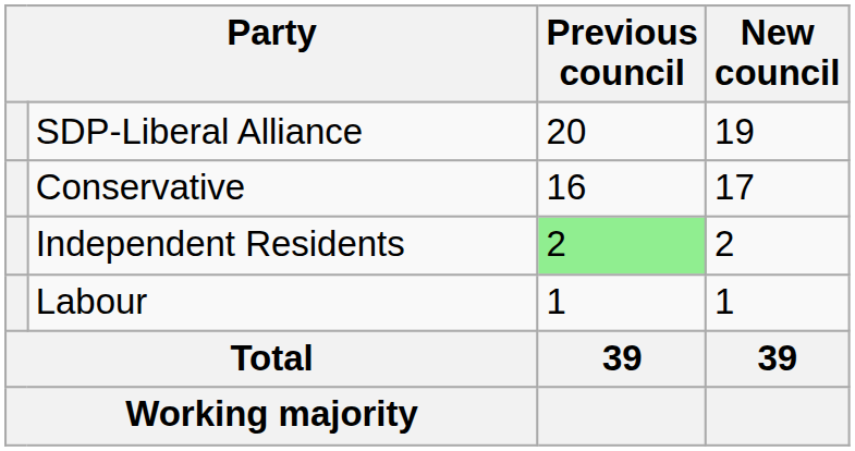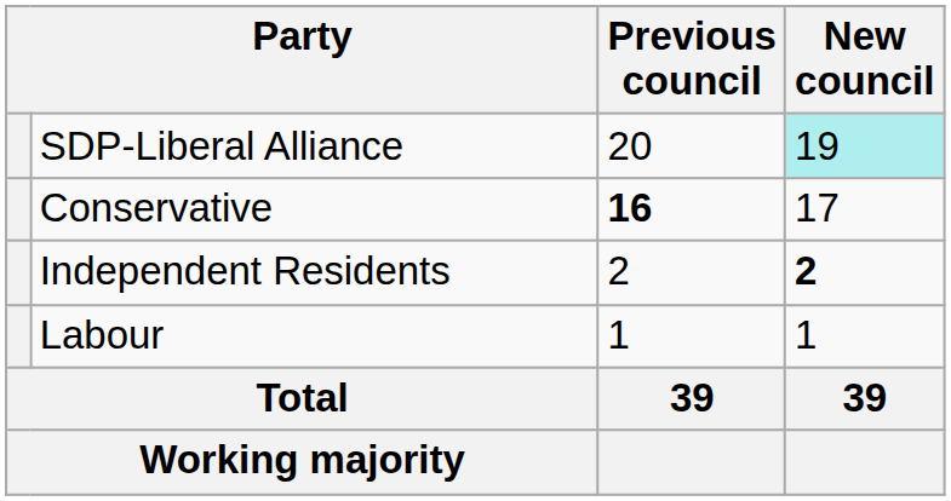 <table class="wikitable">
 <tr>
 <th valign=top colspan="2" style="width: 230px">Party</th>
 <th valign=top style="width: 30px">Previous council</th>
 <th valign=top style="width: 30px">New council</th>
 </tr>
 <tr>
 <th style="background-color: "></th>
 <td>SDP-Liberal Alliance</td>
 <td>20</td>
-<td>19</td>
+<td style="background: paleturquoise;">19</td>
 </tr>
 <tr>
 <th style="background-color: "></th>
 <td>Conservative</td>
-<td>16</td>
+<td><strong>16</strong></td>
 <td>17</td>
 </tr>
 <tr>
 <th style="background-color: "></th>
 <td>Independent Residents</td>
-<td style="background: lightgreen;">2</td>
 <td>2</td>
+<td><strong>2</strong></td>
 </tr>
 <tr>
 <th style="background-color: "></th>
 <td>Labour</td>
 <td>1</td>
 <td>1</td>
 </tr>
 <tr>
 <th colspan=2>Total</th>
 <th style="text-align: center">39</th>
 <th colspan=3>39</th>
 </tr>
 <tr>
 <th colspan=2>Working majority</th>
 <th></th>
 <th></th>
 </tr>
 </table>
